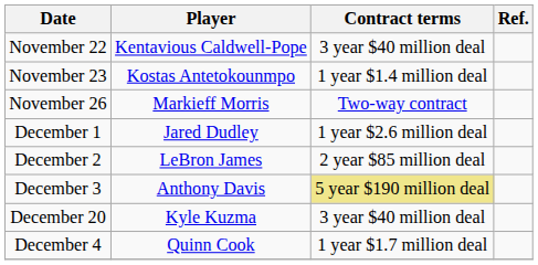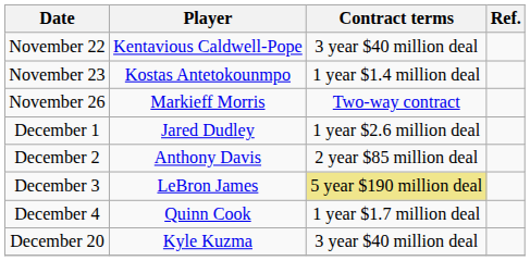 <table class="wikitable sortable sortable" style="text-align: center">
 <tr>
 <th>Date</th>
 <th>Player</th>
 <th>Contract terms</th>
 <th>Ref.</th>
 </tr>
 <tr>
 <td>November 22</td>
 <td><a href='#'>Kentavious Caldwell-Pope</a></td>
 <td>3 year $40 million deal</td>
 <td></td>
 </tr>
 <tr>
 <td>November 23</td>
 <td><a href='#'>Kostas Antetokounmpo</a></td>
 <td>1 year $1.4 million deal</td>
 <td></td>
 </tr>
 <tr>
 <td>November 26</td>
 <td><a href='#'>Markieff Morris</a></td>
 <td><a href='#'>Two-way contract</a></td>
 <td></td>
 </tr>
 <tr>
 <td>December 1</td>
 <td><a href='#'>Jared Dudley</a></td>
 <td>1 year $2.6 million deal</td>
 <td></td>
 </tr>
 <tr>
 <td>December 2</td>
-<td><a href='#'>LeBron James</a></td>
+<td><a href='#'>Anthony Davis</a></td>
 <td>2 year $85 million deal</td>
 <td></td>
 </tr>
 <tr>
 <td>December 3</td>
-<td><a href='#'>Anthony Davis</a></td>
+<td><a href='#'>LeBron James</a></td>
 <td style="background: khaki;">5 year $190 million deal</td>
+<td></td>
+</tr>
+<tr>
+<td>December 4</td>
+<td><a href='#'>Quinn Cook</a></td>
+<td>1 year $1.7 million deal</td>
 <td></td>
 </tr>
 <tr>
 <td>December 20</td>
 <td><a href='#'>Kyle Kuzma</a></td>
 <td>3 year $40 million deal</td>
 <td></td>
 </tr>
 <tr>
-<td>December 4</td>
-<td><a href='#'>Quinn Cook</a></td>
-<td>1 year $1.7 million deal</td>
-<td></td>
-</tr>
-<tr>
 </tr>
 </table>
